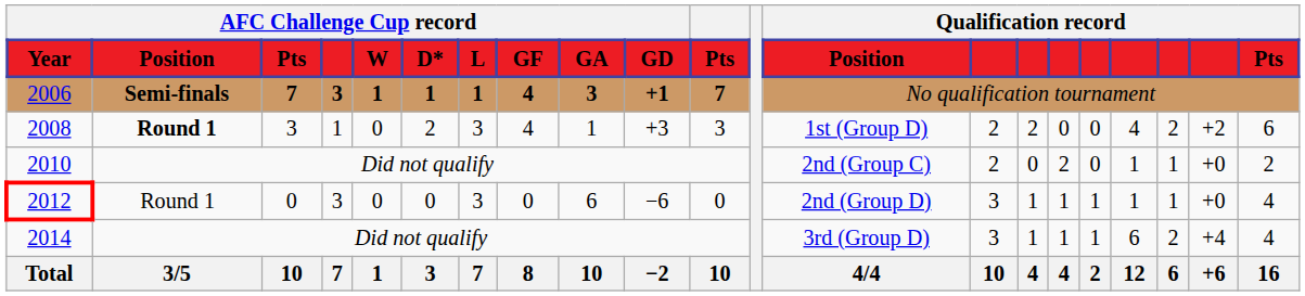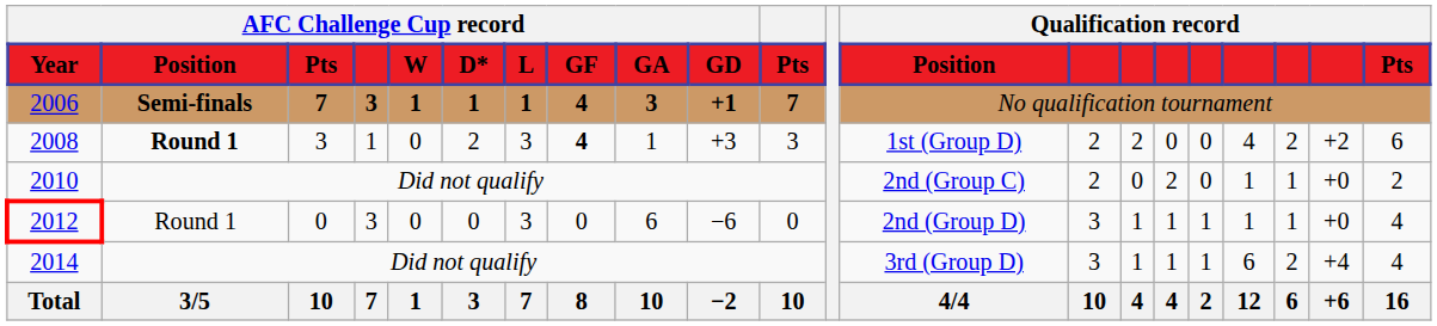 <table Class = "wikitable" style = "text-align: center; width:75%;">
 <tr>
 <th colspan=10><a href='#'>AFC Challenge Cup</a> record</th>
 <th></th>
 <th style="width:1%;" rowspan="25"></th>
 <th colspan=9>Qualification record</th>
 </tr>
 <tr>
 <th style="background:#ED1C24;border: 2px solid #3F43A4;"><span>Year</span></th>
 <th style="background:#ED1C24;border: 2px solid #3F43A4;"><span>Position</span></th>
 <th style="background:#ED1C24;border: 2px solid #3F43A4;"><span>Pts</span></th>
 <th style="background:#ED1C24;border: 2px solid #3F43A4;"><span></span></th>
 <th style="background:#ED1C24;border: 2px solid #3F43A4;"><span>W</span></th>
 <th style="background:#ED1C24;border: 2px solid #3F43A4;"><span>D*</span></th>
 <th style="background:#ED1C24;border: 2px solid #3F43A4;"><span>L</span></th>
 <th style="background:#ED1C24;border: 2px solid #3F43A4;"><span>GF</span></th>
 <th style="background:#ED1C24;border: 2px solid #3F43A4;"><span>GA</span></th>
 <th style="background:#ED1C24;border: 2px solid #3F43A4;"><span>GD</span></th>
 <th style="background:#ED1C24;border: 2px solid #3F43A4;"><span>Pts</span></th>
 <th style="background:#ED1C24;border: 2px solid #3F43A4;"><span>Position</span></th>
 <th style="background:#ED1C24;border: 2px solid #3F43A4;"><span></span></th>
 <th style="background:#ED1C24;border: 2px solid #3F43A4;"><span></span></th>
 <th style="background:#ED1C24;border: 2px solid #3F43A4;"><span></span></th>
 <th style="background:#ED1C24;border: 2px solid #3F43A4;"><span></span></th>
 <th style="background:#ED1C24;border: 2px solid #3F43A4;"><span></span></th>
 <th style="background:#ED1C24;border: 2px solid #3F43A4;"><span></span></th>
 <th style="background:#ED1C24;border: 2px solid #3F43A4;"><span></span></th>
 <th style="background:#ED1C24;border: 2px solid #3F43A4;"><span>Pts</span></th>
 </tr>
 <tr bgcolor="#c96">
 <td> <a href='#'>2006</a></td>
 <td><strong>Semi-finals</strong></td>
 <td><strong>7</strong></td>
 <td><strong>3</strong></td>
 <td><strong>1</strong></td>
 <td><strong>1</strong></td>
 <td><strong>1</strong></td>
 <td><strong>4</strong></td>
 <td><strong>3</strong></td>
 <td><strong>+1</strong></td>
 <td><strong>7</strong></td>
 <td colspan="9"><em>No qualification tournament</em></td>
 </tr>
 <tr>
 <td> <a href='#'>2008</a></td>
 <td><strong>Round 1</strong></td>
 <td>3</td>
 <td>1</td>
 <td>0</td>
 <td>2</td>
 <td>3</td>
-<td>4</td>
+<td><strong>4</strong></td>
 <td>1</td>
 <td>+3</td>
 <td>3</td>
 <td><a href='#'>1st (Group D)</a></td>
 <td>2</td>
 <td>2</td>
 <td>0</td>
 <td>0</td>
 <td>4</td>
 <td>2</td>
 <td>+2</td>
 <td>6</td>
 </tr>
 <tr>
 <td> <a href='#'>2010</a></td>
 <td colspan="11"><em>Did not qualify</em></td>
 <td><a href='#'>2nd (Group C)</a></td>
 <td>2</td>
 <td>0</td>
 <td>2</td>
 <td>0</td>
 <td>1</td>
 <td>1</td>
 <td>+0</td>
 <td>2</td>
 </tr>
 <tr>
 <td style="border: 3px solid red"> <a href='#'>2012</a></td>
 <td>Round 1</td>
 <td>0</td>
 <td>3</td>
 <td>0</td>
 <td>0</td>
 <td>3</td>
 <td>0</td>
 <td>6</td>
 <td>−6</td>
 <td>0</td>
 <td><a href='#'>2nd (Group D)</a></td>
 <td>3</td>
 <td>1</td>
 <td>1</td>
 <td>1</td>
 <td>1</td>
 <td>1</td>
 <td>+0</td>
 <td>4</td>
 </tr>
 <tr>
 <td> <a href='#'>2014</a></td>
 <td colspan="10"><em>Did not qualify</em></td>
 <td><a href='#'>3rd (Group D)</a></td>
 <td>3</td>
 <td>1</td>
 <td>1</td>
 <td>1</td>
 <td>6</td>
 <td>2</td>
 <td>+4</td>
 <td>4</td>
 </tr>
 <tr>
 <th>Total</th>
 <th>3/5</th>
 <th>10</th>
 <th>7</th>
 <th>1</th>
 <th>3</th>
 <th>7</th>
 <th>8</th>
 <th>10</th>
 <th>−2</th>
 <th>10</th>
 <th>4/4</th>
 <th>10</th>
 <th>4</th>
 <th>4</th>
 <th>2</th>
 <th>12</th>
 <th>6</th>
 <th>+6</th>
 <th>16</th>
 </tr>
 </table>
